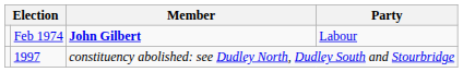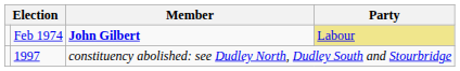 <table class="wikitable">
 <tr>
 <th colspan="2">Election</th>
 <th>Member</th>
 <th>Party</th>
 </tr>
 <tr>
 <td style="color:inherit;background-color: "></td>
 <td><a href='#'>Feb 1974</a></td>
 <td><strong><a href='#'>John Gilbert</a></strong></td>
-<td><a href='#'>Labour</a></td>
+<td style="background: khaki;"><a href='#'>Labour</a></td>
 </tr>
 <tr>
 <td></td>
 <td><a href='#'>1997</a></td>
 <td colspan="2"><em>constituency abolished: see <a href='#'>Dudley North</a>, <a href='#'>Dudley South</a> and <a href='#'>Stourbridge</a></em></td>
 </tr>
 </table>
